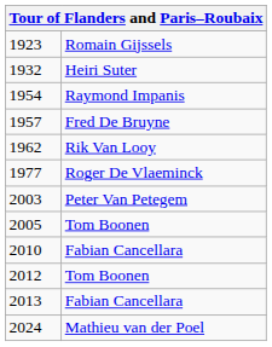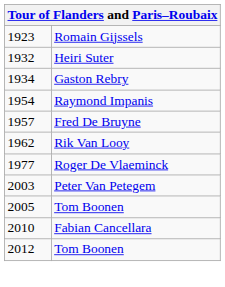 <table class="wikitable">
 <tr>
 <th colspan=2><a href='#'>Tour of Flanders</a> and <a href='#'>Paris–Roubaix</a></th>
 </tr>
 <tr>
 <td>1923</td>
 <td> <a href='#'>Romain Gijssels</a></td>
 </tr>
 <tr>
 <td>1932</td>
 <td> <a href='#'>Heiri Suter</a></td>
+</tr>
+<tr>
+<td>1934</td>
+<td> <a href='#'>Gaston Rebry</a></td>
 </tr>
 <tr>
 <td>1954</td>
 <td> <a href='#'>Raymond Impanis</a></td>
 </tr>
 <tr>
 <td>1957</td>
 <td> <a href='#'>Fred De Bruyne</a></td>
 </tr>
 <tr>
 <td>1962</td>
 <td> <a href='#'>Rik Van Looy</a></td>
 </tr>
 <tr>
 <td>1977</td>
 <td> <a href='#'>Roger De Vlaeminck</a></td>
 </tr>
 <tr>
 <td>2003</td>
 <td> <a href='#'>Peter Van Petegem</a></td>
 </tr>
 <tr>
 <td>2005</td>
 <td> <a href='#'>Tom Boonen</a></td>
 </tr>
 <tr>
 <td>2010</td>
 <td> <a href='#'>Fabian Cancellara</a></td>
 </tr>
 <tr>
 <td>2012</td>
 <td> <a href='#'>Tom Boonen</a></td>
 </tr>
-<tr>
-<td>2013</td>
-<td> <a href='#'>Fabian Cancellara</a></td>
-</tr>
-<tr>
-<td>2024</td>
-<td> <a href='#'>Mathieu van der Poel</a></td>
-</tr>
 </table>
